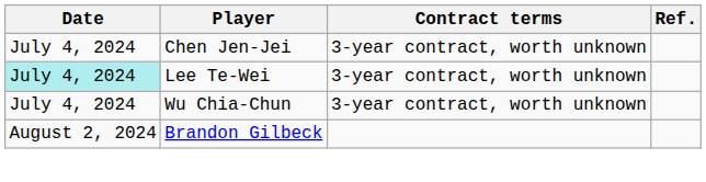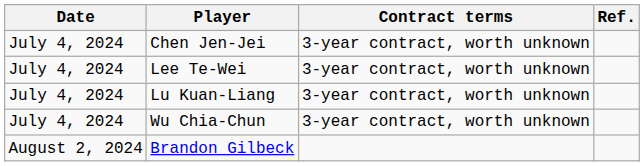 <table class="wikitable">
 <tr>
 <th>Date</th>
 <th>Player</th>
 <th>Contract terms</th>
 <th>Ref.</th>
 </tr>
 <tr>
 <td>July 4, 2024</td>
 <td>Chen Jen-Jei</td>
 <td>3-year contract, worth unknown</td>
 <td></td>
 </tr>
 <tr>
-<td style="background: paleturquoise;">July 4, 2024</td>
+<td>July 4, 2024</td>
 <td>Lee Te-Wei</td>
+<td>3-year contract, worth unknown</td>
+<td></td>
+</tr>
+<tr>
+<td>July 4, 2024</td>
+<td>Lu Kuan-Liang</td>
 <td>3-year contract, worth unknown</td>
 <td></td>
 </tr>
 <tr>
 <td>July 4, 2024</td>
 <td>Wu Chia-Chun</td>
 <td>3-year contract, worth unknown</td>
 <td></td>
 </tr>
 <tr>
 <td>August 2, 2024</td>
 <td><a href='#'>Brandon Gilbeck</a></td>
 <td></td>
 <td></td>
 </tr>
 </table>
